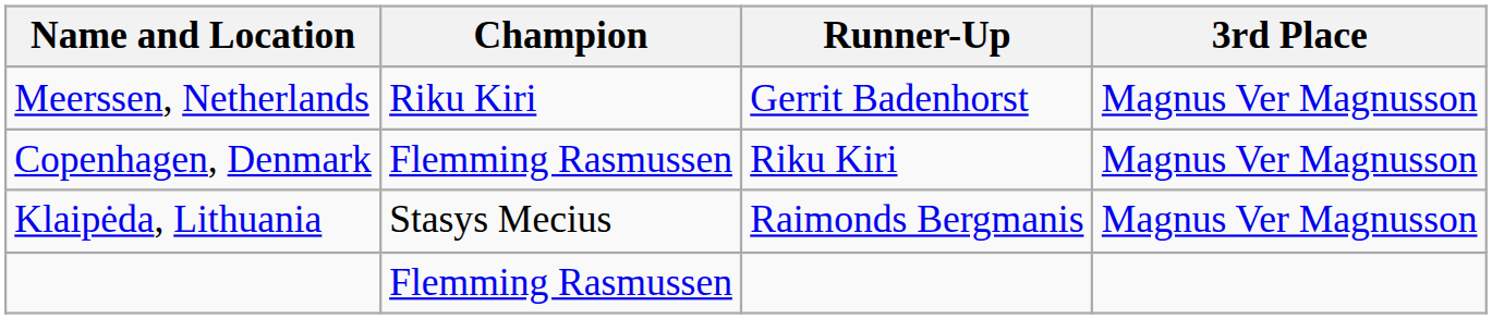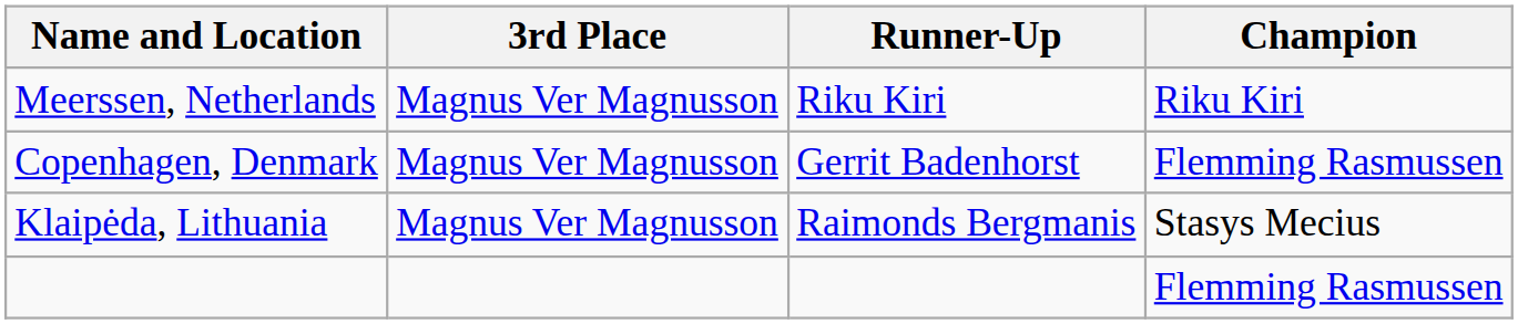 <table class="wikitable" style="display: inline-table">
 <tr>
 <th>Name and Location</th>
+<th>3rd Place</th>
+<th>Runner-Up</th>
 <th>Champion</th>
-<th>Runner-Up</th>
-<th>3rd Place</th>
 </tr>
 <tr>
 <td> <a href='#'>Meerssen</a>, <a href='#'>Netherlands</a> <br> </td>
+<td> <a href='#'>Magnus Ver Magnusson</a></td>
 <td> <a href='#'>Riku Kiri</a></td>
-<td> <a href='#'>Gerrit Badenhorst</a></td>
-<td> <a href='#'>Magnus Ver Magnusson</a></td>
+<td> <a href='#'>Riku Kiri</a></td>
 </tr>
 <tr>
 <td> <a href='#'>Copenhagen</a>, <a href='#'>Denmark</a><br> </td>
+<td> <a href='#'>Magnus Ver Magnusson</a></td>
+<td> <a href='#'>Gerrit Badenhorst</a></td>
 <td> <a href='#'>Flemming Rasmussen</a></td>
-<td> <a href='#'>Riku Kiri</a></td>
-<td> <a href='#'>Magnus Ver Magnusson</a></td>
 </tr>
 <tr>
 <td> <a href='#'>Klaipėda</a>, <a href='#'>Lithuania</a> </td>
+<td> <a href='#'>Magnus Ver Magnusson</a></td>
+<td> <a href='#'>Raimonds Bergmanis</a></td>
 <td> Stasys Mecius</td>
-<td> <a href='#'>Raimonds Bergmanis</a></td>
-<td> <a href='#'>Magnus Ver Magnusson</a></td>
 </tr>
 <tr>
 <td></td>
-<td> <a href='#'>Flemming Rasmussen</a></td>
 <td></td>
 <td></td>
+<td> <a href='#'>Flemming Rasmussen</a></td>
 </tr>
 </table>
